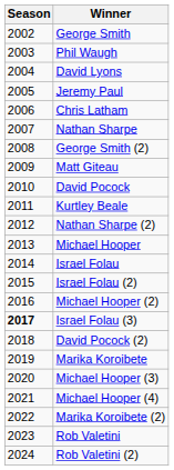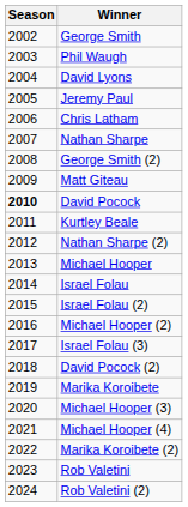 <table class="wikitable">
 <tr>
 <th>Season</th>
 <th>Winner</th>
 </tr>
 <tr>
 <td>2002</td>
 <td><a href='#'>George Smith</a></td>
 </tr>
 <tr>
 <td>2003</td>
 <td><a href='#'>Phil Waugh</a></td>
 </tr>
 <tr>
 <td>2004</td>
 <td><a href='#'>David Lyons</a></td>
 </tr>
 <tr>
 <td>2005</td>
 <td><a href='#'>Jeremy Paul</a></td>
 </tr>
 <tr>
 <td>2006</td>
 <td><a href='#'>Chris Latham</a></td>
 </tr>
 <tr>
 <td>2007</td>
 <td><a href='#'>Nathan Sharpe</a></td>
 </tr>
 <tr>
 <td>2008</td>
 <td><a href='#'>George Smith</a> (2)</td>
 </tr>
 <tr>
 <td>2009</td>
 <td><a href='#'>Matt Giteau</a></td>
 </tr>
 <tr>
-<td>2010</td>
+<td><strong>2010</strong></td>
 <td><a href='#'>David Pocock</a></td>
 </tr>
 <tr>
 <td>2011</td>
 <td><a href='#'>Kurtley Beale</a></td>
 </tr>
 <tr>
 <td>2012</td>
 <td><a href='#'>Nathan Sharpe</a> (2)</td>
 </tr>
 <tr>
 <td>2013</td>
 <td><a href='#'>Michael Hooper</a></td>
 </tr>
 <tr>
 <td>2014</td>
 <td><a href='#'>Israel Folau</a></td>
 </tr>
 <tr>
 <td>2015</td>
 <td><a href='#'>Israel Folau</a> (2)</td>
 </tr>
 <tr>
 <td>2016</td>
 <td><a href='#'>Michael Hooper</a> (2)</td>
 </tr>
 <tr>
-<td><strong>2017</strong></td>
+<td>2017</td>
 <td><a href='#'>Israel Folau</a> (3)</td>
 </tr>
 <tr>
 <td>2018</td>
 <td><a href='#'>David Pocock</a> (2)</td>
 </tr>
 <tr>
 <td>2019</td>
 <td><a href='#'>Marika Koroibete</a></td>
 </tr>
 <tr>
 <td>2020</td>
 <td><a href='#'>Michael Hooper</a> (3)</td>
 </tr>
 <tr>
 <td>2021</td>
 <td><a href='#'>Michael Hooper</a> (4)</td>
 </tr>
 <tr>
 <td>2022</td>
 <td><a href='#'>Marika Koroibete</a> (2)</td>
 </tr>
 <tr>
 <td>2023</td>
 <td><a href='#'>Rob Valetini</a></td>
 </tr>
 <tr>
 <td>2024</td>
 <td><a href='#'>Rob Valetini</a> (2)</td>
 </tr>
 </table>
